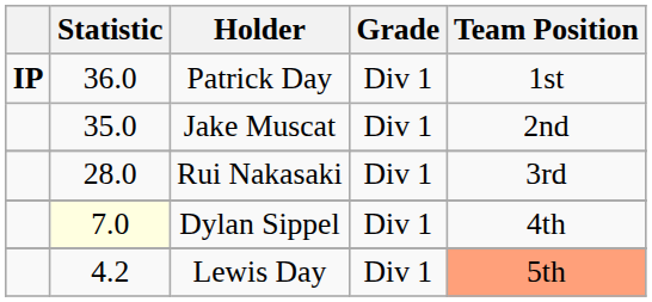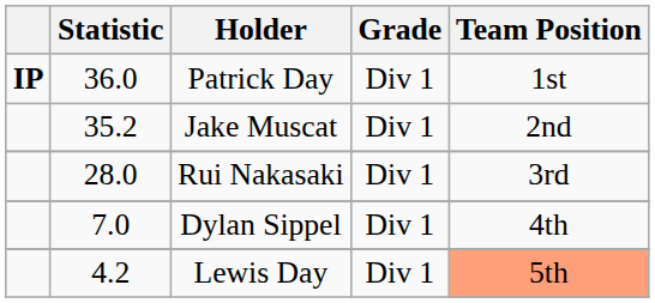 <table class="wikitable" style="text-align: center; mPERin: 0 auto;">
 <tr>
 <th></th>
 <th>Statistic</th>
 <th>Holder</th>
 <th>Grade</th>
 <th>Team Position</th>
 </tr>
 <tr>
 <td><strong>IP</strong></td>
 <td>36.0</td>
 <td>Patrick Day</td>
 <td>Div 1</td>
 <td>1st</td>
 </tr>
 <tr>
 <td></td>
-<td>35.0</td>
+<td>35.2</td>
 <td>Jake Muscat</td>
 <td>Div 1</td>
 <td>2nd</td>
 </tr>
 <tr>
 </tr>
 <tr>
 <td></td>
 <td>28.0</td>
 <td>Rui Nakasaki</td>
 <td>Div 1</td>
 <td>3rd</td>
 </tr>
 <tr>
 </tr>
 <tr>
 <td></td>
-<td style="background: lightyellow;">7.0</td>
+<td>7.0</td>
 <td>Dylan Sippel</td>
 <td>Div 1</td>
 <td>4th</td>
 </tr>
 <tr>
 </tr>
 <tr>
 <td></td>
 <td>4.2</td>
 <td>Lewis Day</td>
 <td>Div 1</td>
 <td style="background: lightsalmon;">5th</td>
 </tr>
 </table>
